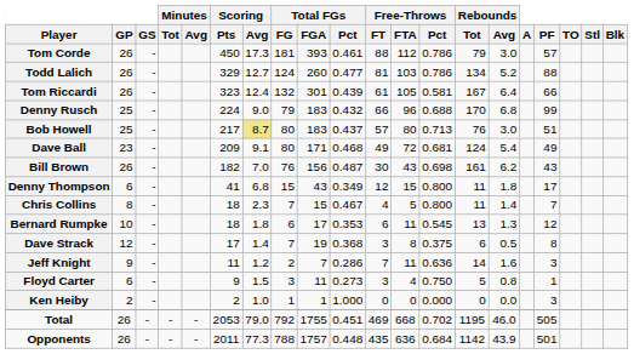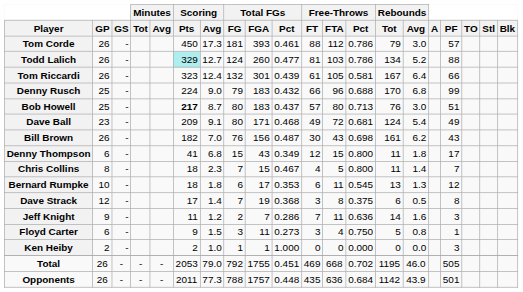 <table class="wikitable sortable" border="1" style="font-size:90%;">
 <tr>
 <th colspan="3" style="border-top-style:hidden; border-left-style:hidden; background: white;"></th>
 <th colspan="2" style=>Minutes</th>
 <th colspan="2" style=>Scoring</th>
 <th colspan="3" style=>Total FGs</th>
 <th colspan="3" style=>Free-Throws</th>
 <th colspan="2" style=>Rebounds</th>
 <th colspan="5" style="border-top-style:hidden; border-right-style:hidden; background: white;"></th>
 </tr>
 <tr>
 <th scope="col" style=>Player</th>
 <th scope="col" style=>GP</th>
 <th scope="col" style=>GS</th>
 <th scope="col" style=>Tot</th>
 <th scope="col" style=>Avg</th>
 <th scope="col" style=>Pts</th>
 <th scope="col" style=>Avg</th>
 <th scope="col" style=>FG</th>
 <th scope="col" style=>FGA</th>
 <th scope="col" style=>Pct</th>
 <th scope="col" style=>FT</th>
 <th scope="col" style=>FTA</th>
 <th scope="col" style=>Pct</th>
 <th scope="col" style=>Tot</th>
 <th scope="col" style=>Avg</th>
 <th scope="col" style=>A</th>
 <th scope="col" style=>PF</th>
 <th scope="col" style=>TO</th>
 <th scope="col" style=>Stl</th>
 <th scope="col" style=>Blk</th>
 </tr>
 <tr>
 <th>Tom Corde</th>
 <td align="right">26</td>
 <td align="right">-</td>
 <td align="right"></td>
 <td align="right"></td>
 <td align="right">450</td>
 <td align="right">17.3</td>
 <td align="right">181</td>
 <td align="right">393</td>
 <td align="right">0.461</td>
 <td align="right">88</td>
 <td align="right">112</td>
 <td align="right">0.786</td>
 <td align="right">79</td>
 <td align="right">3.0</td>
 <td align="right"></td>
 <td align="right">57</td>
 <td align="right"></td>
 <td align="right"></td>
 <td align="right"></td>
 </tr>
 <tr>
 <th>Todd Lalich</th>
 <td align="right">26</td>
 <td align="right">-</td>
 <td align="right"></td>
 <td align="right"></td>
-<td align="right">329</td>
+<td align="right" style="background: paleturquoise;">329</td>
 <td align="right">12.7</td>
 <td align="right">124</td>
 <td align="right">260</td>
 <td align="right">0.477</td>
 <td align="right">81</td>
 <td align="right">103</td>
 <td align="right">0.786</td>
 <td align="right">134</td>
 <td align="right">5.2</td>
 <td align="right"></td>
 <td align="right">88</td>
 <td align="right"></td>
 <td align="right"></td>
 <td align="right"></td>
 </tr>
 <tr>
 <th>Tom Riccardi</th>
 <td align="right">26</td>
 <td align="right">-</td>
 <td align="right"></td>
 <td align="right"></td>
 <td align="right">323</td>
 <td align="right">12.4</td>
 <td align="right">132</td>
 <td align="right">301</td>
 <td align="right">0.439</td>
 <td align="right">61</td>
 <td align="right">105</td>
 <td align="right">0.581</td>
 <td align="right">167</td>
 <td align="right">6.4</td>
 <td align="right"></td>
 <td align="right">66</td>
 <td align="right"></td>
 <td align="right"></td>
 <td align="right"></td>
 </tr>
 <tr>
 <th>Denny Rusch</th>
 <td align="right">25</td>
 <td align="right">-</td>
 <td align="right"></td>
 <td align="right"></td>
 <td align="right">224</td>
 <td align="right">9.0</td>
 <td align="right">79</td>
 <td align="right">183</td>
 <td align="right">0.432</td>
 <td align="right">66</td>
 <td align="right">96</td>
 <td align="right">0.688</td>
 <td align="right">170</td>
 <td align="right">6.8</td>
 <td align="right"></td>
 <td align="right">99</td>
 <td align="right"></td>
 <td align="right"></td>
 <td align="right"></td>
 </tr>
 <tr>
 <th>Bob Howell</th>
 <td align="right">25</td>
 <td align="right">-</td>
 <td align="right"></td>
 <td align="right"></td>
-<td align="right">217</td>
-<td align="right" style="background: khaki;">8.7</td>
+<td align="right"><strong>217</strong></td>
+<td align="right">8.7</td>
 <td align="right">80</td>
 <td align="right">183</td>
 <td align="right">0.437</td>
 <td align="right">57</td>
 <td align="right">80</td>
 <td align="right">0.713</td>
 <td align="right">76</td>
 <td align="right">3.0</td>
 <td align="right"></td>
 <td align="right">51</td>
 <td align="right"></td>
 <td align="right"></td>
 <td align="right"></td>
 </tr>
 <tr>
 <th>Dave Ball</th>
 <td align="right">23</td>
 <td align="right">-</td>
 <td align="right"></td>
 <td align="right"></td>
 <td align="right">209</td>
 <td align="right">9.1</td>
 <td align="right">80</td>
 <td align="right">171</td>
 <td align="right">0.468</td>
 <td align="right">49</td>
 <td align="right">72</td>
 <td align="right">0.681</td>
 <td align="right">124</td>
 <td align="right">5.4</td>
 <td align="right"></td>
 <td align="right">49</td>
 <td align="right"></td>
 <td align="right"></td>
 <td align="right"></td>
 </tr>
 <tr>
 <th>Bill Brown</th>
 <td align="right">26</td>
 <td align="right">-</td>
 <td align="right"></td>
 <td align="right"></td>
 <td align="right">182</td>
 <td align="right">7.0</td>
 <td align="right">76</td>
 <td align="right">156</td>
 <td align="right">0.487</td>
 <td align="right">30</td>
 <td align="right">43</td>
 <td align="right">0.698</td>
 <td align="right">161</td>
 <td align="right">6.2</td>
 <td align="right"></td>
 <td align="right">43</td>
 <td align="right"></td>
 <td align="right"></td>
 <td align="right"></td>
 </tr>
 <tr>
 <th>Denny Thompson</th>
 <td align="right">6</td>
 <td align="right">-</td>
 <td align="right"></td>
 <td align="right"></td>
 <td align="right">41</td>
 <td align="right">6.8</td>
 <td align="right">15</td>
 <td align="right">43</td>
 <td align="right">0.349</td>
 <td align="right">12</td>
 <td align="right">15</td>
 <td align="right">0.800</td>
 <td align="right">11</td>
 <td align="right">1.8</td>
 <td align="right"></td>
 <td align="right">17</td>
 <td align="right"></td>
 <td align="right"></td>
 <td align="right"></td>
 </tr>
 <tr>
 <th>Chris Collins</th>
 <td align="right">8</td>
 <td align="right">-</td>
 <td align="right"></td>
 <td align="right"></td>
 <td align="right">18</td>
 <td align="right">2.3</td>
 <td align="right">7</td>
 <td align="right">15</td>
 <td align="right">0.467</td>
 <td align="right">4</td>
 <td align="right">5</td>
 <td align="right">0.800</td>
 <td align="right">11</td>
 <td align="right">1.4</td>
 <td align="right"></td>
 <td align="right">7</td>
 <td align="right"></td>
 <td align="right"></td>
 <td align="right"></td>
 </tr>
 <tr>
 <th>Bernard Rumpke</th>
 <td align="right">10</td>
 <td align="right">-</td>
 <td align="right"></td>
 <td align="right"></td>
 <td align="right">18</td>
 <td align="right">1.8</td>
 <td align="right">6</td>
 <td align="right">17</td>
 <td align="right">0.353</td>
 <td align="right">6</td>
 <td align="right">11</td>
 <td align="right">0.545</td>
 <td align="right">13</td>
 <td align="right">1.3</td>
 <td align="right"></td>
 <td align="right">12</td>
 <td align="right"></td>
 <td align="right"></td>
 <td align="right"></td>
 </tr>
 <tr>
 <th>Dave Strack</th>
 <td align="right">12</td>
 <td align="right">-</td>
 <td align="right"></td>
 <td align="right"></td>
 <td align="right">17</td>
 <td align="right">1.4</td>
 <td align="right">7</td>
 <td align="right">19</td>
 <td align="right">0.368</td>
 <td align="right">3</td>
 <td align="right">8</td>
 <td align="right">0.375</td>
 <td align="right">6</td>
 <td align="right">0.5</td>
 <td align="right"></td>
 <td align="right">8</td>
 <td align="right"></td>
 <td align="right"></td>
 <td align="right"></td>
 </tr>
 <tr>
 <th>Jeff Knight</th>
 <td align="right">9</td>
 <td align="right">-</td>
 <td align="right"></td>
 <td align="right"></td>
 <td align="right">11</td>
 <td align="right">1.2</td>
 <td align="right">2</td>
 <td align="right">7</td>
 <td align="right">0.286</td>
 <td align="right">7</td>
 <td align="right">11</td>
 <td align="right">0.636</td>
 <td align="right">14</td>
 <td align="right">1.6</td>
 <td align="right"></td>
 <td align="right">3</td>
 <td align="right"></td>
 <td align="right"></td>
 <td align="right"></td>
 </tr>
 <tr>
 <th>Floyd Carter</th>
 <td align="right">6</td>
 <td align="right">-</td>
 <td align="right"></td>
 <td align="right"></td>
 <td align="right">9</td>
 <td align="right">1.5</td>
 <td align="right">3</td>
 <td align="right">11</td>
 <td align="right">0.273</td>
 <td align="right">3</td>
 <td align="right">4</td>
 <td align="right">0.750</td>
 <td align="right">5</td>
 <td align="right">0.8</td>
 <td align="right"></td>
 <td align="right">1</td>
 <td align="right"></td>
 <td align="right"></td>
 <td align="right"></td>
 </tr>
 <tr>
 <th>Ken Heiby</th>
 <td align="right">2</td>
 <td align="right">-</td>
 <td align="right"></td>
 <td align="right"></td>
 <td align="right">2</td>
 <td align="right">1.0</td>
 <td align="right">1</td>
 <td align="right">1</td>
 <td align="right">1.000</td>
 <td align="right">0</td>
 <td align="right">0</td>
 <td align="right">0.000</td>
 <td align="right">0</td>
 <td align="right">0.0</td>
 <td align="right"></td>
 <td align="right">3</td>
 <td align="right"></td>
 <td align="right"></td>
 <td align="right"></td>
 </tr>
 <tr>
 </tr>
 <tr class="sortbottom">
 <td align="center" style=><strong>Total</strong></td>
 <td align="center" style=>26</td>
 <td align="center" style=>-</td>
 <td align="center" style=>-</td>
 <td align="center" style=>-</td>
 <td align="center" style=>2053</td>
 <td align="center" style=>79.0</td>
 <td align="center" style=>792</td>
 <td align="center" style=>1755</td>
 <td align="center" style=>0.451</td>
 <td align="center" style=>469</td>
 <td align="center" style=>668</td>
 <td align="center" style=>0.702</td>
 <td align="center" style=>1195</td>
 <td align="center" style=>46.0</td>
 <td align="center" style=></td>
 <td align="center" style=>505</td>
 <td align="center" style=></td>
 <td align="center" style=></td>
 <td align="center" style=></td>
 </tr>
 <tr class="sortbottom">
 <td align="center"><strong>Opponents</strong></td>
 <td align="center">26</td>
 <td align="center">-</td>
 <td align="center">-</td>
 <td align="center">-</td>
 <td align="center">2011</td>
 <td align="center">77.3</td>
 <td align="center">788</td>
 <td align="center">1757</td>
 <td align="center">0.448</td>
 <td align="center">435</td>
 <td align="center">636</td>
 <td align="center">0.684</td>
 <td align="center">1142</td>
 <td align="center">43.9</td>
 <td align="center"></td>
 <td align="center">501</td>
 <td align="center"></td>
 <td align="center"></td>
 <td align="center"></td>
 </tr>
 </table>
